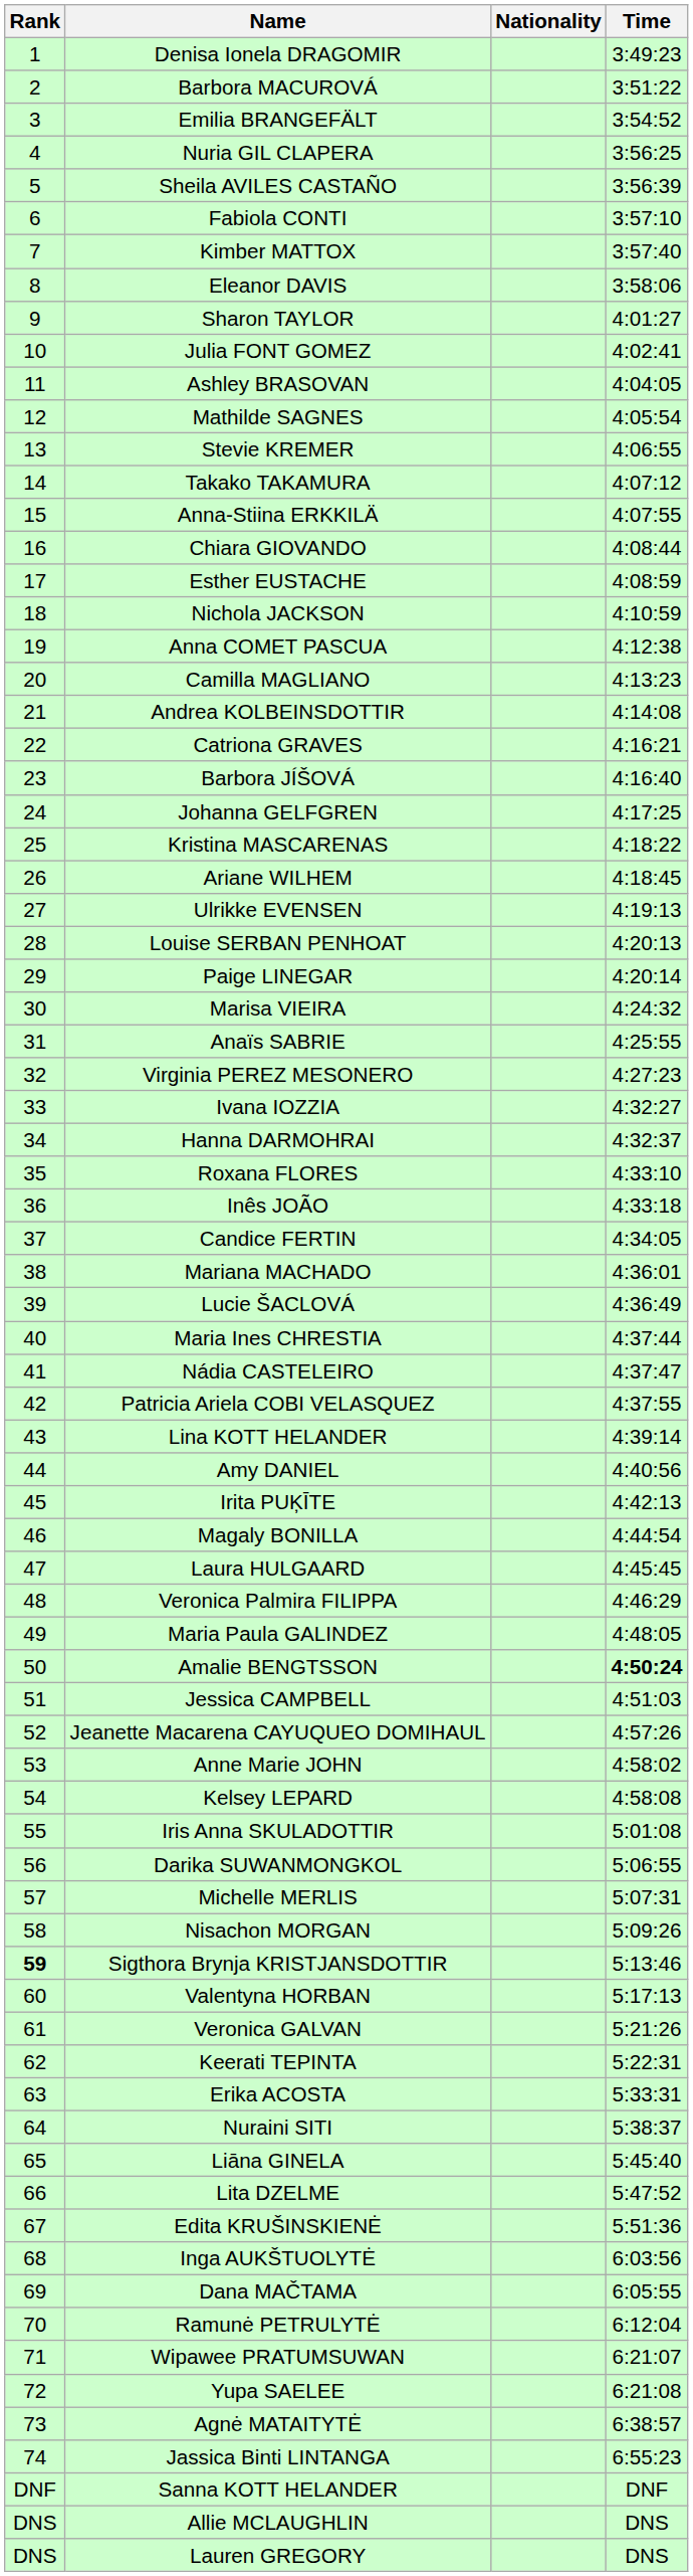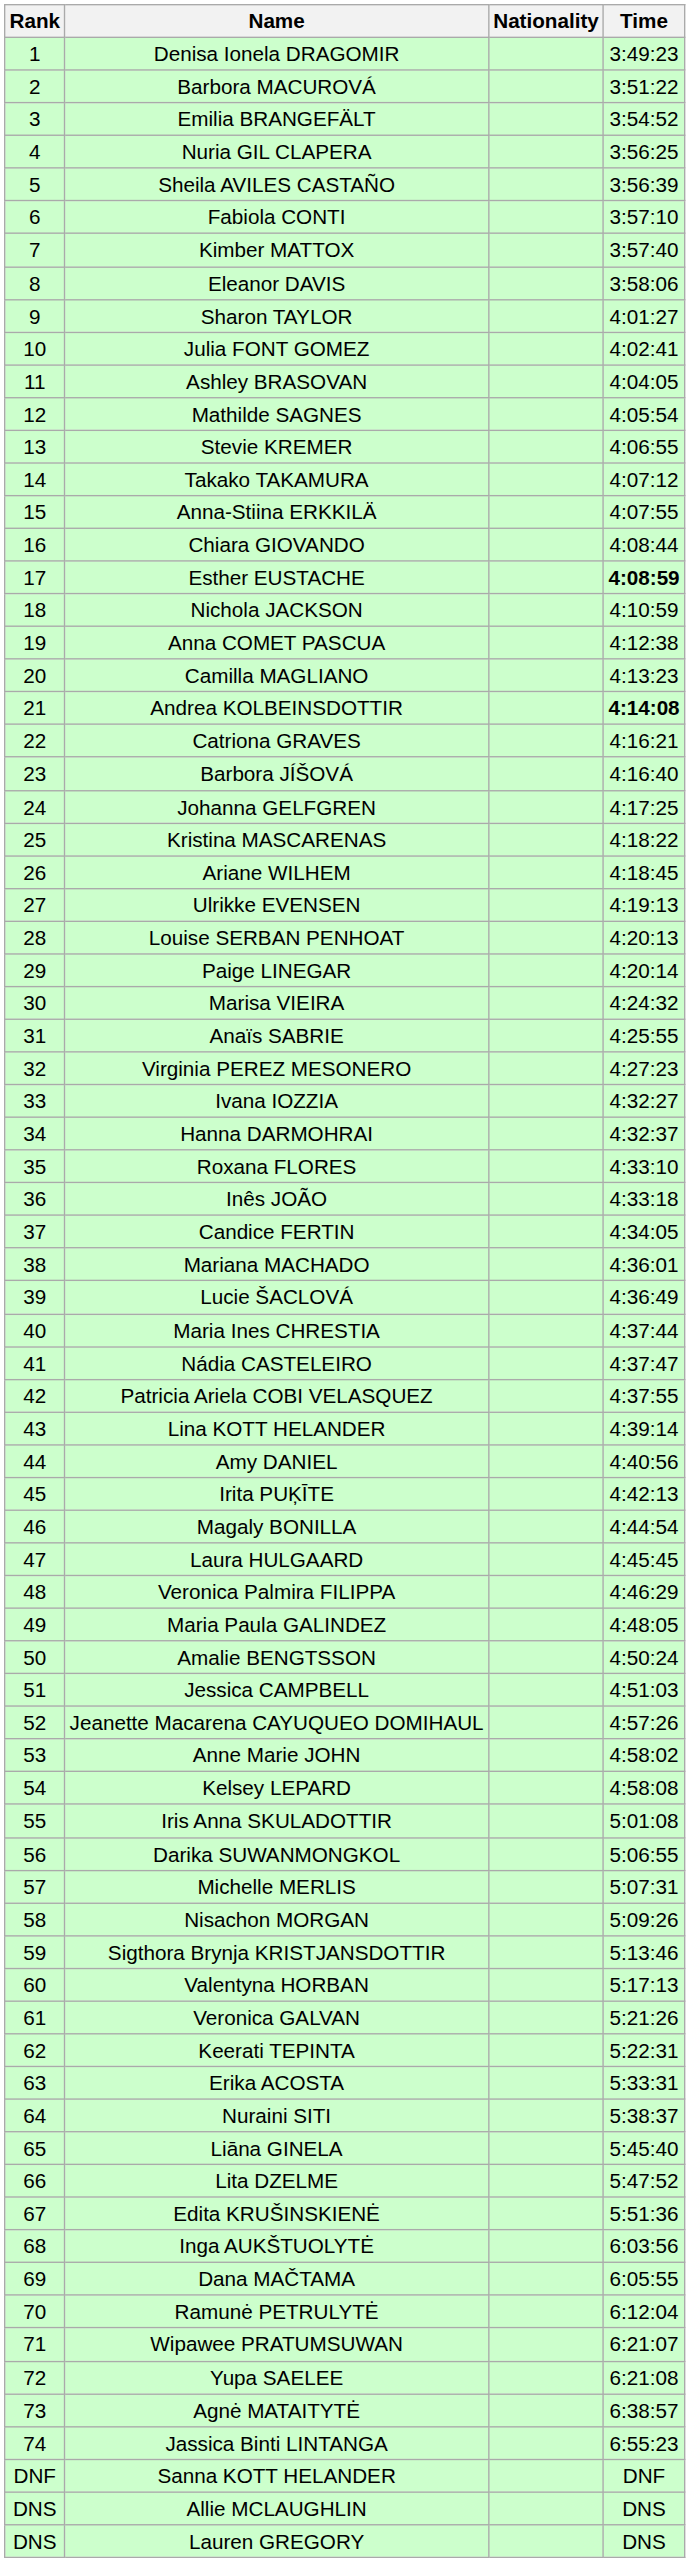 <table class="wikitable sortable" style="text-align:center;font-size:95%">
 <tr>
 <th>Rank</th>
 <th>Name</th>
 <th>Nationality</th>
 <th>Time</th>
 </tr>
 <tr bgcolor=ccffcc>
 <td>1</td>
 <td>Denisa Ionela DRAGOMIR</td>
 <td></td>
 <td>3:49:23</td>
 </tr>
 <tr bgcolor=ccffcc>
 <td>2</td>
 <td>Barbora MACUROVÁ</td>
 <td></td>
 <td>3:51:22</td>
 </tr>
 <tr bgcolor=ccffcc>
 <td>3</td>
 <td>Emilia BRANGEFÄLT</td>
 <td></td>
 <td>3:54:52</td>
 </tr>
 <tr bgcolor=ccffcc>
 <td>4</td>
 <td>Nuria GIL CLAPERA</td>
 <td></td>
 <td>3:56:25</td>
 </tr>
 <tr bgcolor=ccffcc>
 <td>5</td>
 <td>Sheila AVILES CASTAÑO</td>
 <td></td>
 <td>3:56:39</td>
 </tr>
 <tr bgcolor=ccffcc>
 <td>6</td>
 <td>Fabiola CONTI</td>
 <td></td>
 <td>3:57:10</td>
 </tr>
 <tr bgcolor=ccffcc>
 <td>7</td>
 <td>Kimber MATTOX</td>
 <td></td>
 <td>3:57:40</td>
 </tr>
 <tr bgcolor=ccffcc>
 <td>8</td>
 <td>Eleanor DAVIS</td>
 <td></td>
 <td>3:58:06</td>
 </tr>
 <tr bgcolor=ccffcc>
 <td>9</td>
 <td>Sharon TAYLOR</td>
 <td></td>
 <td>4:01:27</td>
 </tr>
 <tr bgcolor=ccffcc>
 <td>10</td>
 <td>Julia FONT GOMEZ</td>
 <td></td>
 <td>4:02:41</td>
 </tr>
 <tr bgcolor=ccffcc>
 <td>11</td>
 <td>Ashley BRASOVAN</td>
 <td></td>
 <td>4:04:05</td>
 </tr>
 <tr bgcolor=ccffcc>
 <td>12</td>
 <td>Mathilde SAGNES</td>
 <td></td>
 <td>4:05:54</td>
 </tr>
 <tr bgcolor=ccffcc>
 <td>13</td>
 <td>Stevie KREMER</td>
 <td></td>
 <td>4:06:55</td>
 </tr>
 <tr bgcolor=ccffcc>
 <td>14</td>
 <td>Takako TAKAMURA</td>
 <td></td>
 <td>4:07:12</td>
 </tr>
 <tr bgcolor=ccffcc>
 <td>15</td>
 <td>Anna-Stiina ERKKILÄ</td>
 <td></td>
 <td>4:07:55</td>
 </tr>
 <tr bgcolor=ccffcc>
 <td>16</td>
 <td>Chiara GIOVANDO</td>
 <td></td>
 <td>4:08:44</td>
 </tr>
 <tr bgcolor=ccffcc>
 <td>17</td>
 <td>Esther EUSTACHE</td>
 <td></td>
-<td>4:08:59</td>
+<td><strong>4:08:59</strong></td>
 </tr>
 <tr bgcolor=ccffcc>
 <td>18</td>
 <td>Nichola JACKSON</td>
 <td></td>
 <td>4:10:59</td>
 </tr>
 <tr bgcolor=ccffcc>
 <td>19</td>
 <td>Anna COMET PASCUA</td>
 <td></td>
 <td>4:12:38</td>
 </tr>
 <tr bgcolor=ccffcc>
 <td>20</td>
 <td>Camilla MAGLIANO</td>
 <td></td>
 <td>4:13:23</td>
 </tr>
 <tr bgcolor=ccffcc>
 <td>21</td>
 <td>Andrea KOLBEINSDOTTIR</td>
 <td></td>
-<td>4:14:08</td>
+<td><strong>4:14:08</strong></td>
 </tr>
 <tr bgcolor=ccffcc>
 <td>22</td>
 <td>Catriona GRAVES</td>
 <td></td>
 <td>4:16:21</td>
 </tr>
 <tr bgcolor=ccffcc>
 <td>23</td>
 <td>Barbora JÍŠOVÁ</td>
 <td></td>
 <td>4:16:40</td>
 </tr>
 <tr bgcolor=ccffcc>
 <td>24</td>
 <td>Johanna GELFGREN</td>
 <td></td>
 <td>4:17:25</td>
 </tr>
 <tr bgcolor=ccffcc>
 <td>25</td>
 <td>Kristina MASCARENAS</td>
 <td></td>
 <td>4:18:22</td>
 </tr>
 <tr bgcolor=ccffcc>
 <td>26</td>
 <td>Ariane WILHEM</td>
 <td></td>
 <td>4:18:45</td>
 </tr>
 <tr bgcolor=ccffcc>
 <td>27</td>
 <td>Ulrikke EVENSEN</td>
 <td></td>
 <td>4:19:13</td>
 </tr>
 <tr bgcolor=ccffcc>
 <td>28</td>
 <td>Louise SERBAN PENHOAT</td>
 <td></td>
 <td>4:20:13</td>
 </tr>
 <tr bgcolor=ccffcc>
 <td>29</td>
 <td>Paige LINEGAR</td>
 <td></td>
 <td>4:20:14</td>
 </tr>
 <tr bgcolor=ccffcc>
 <td>30</td>
 <td>Marisa VIEIRA</td>
 <td></td>
 <td>4:24:32</td>
 </tr>
 <tr bgcolor=ccffcc>
 <td>31</td>
 <td>Anaïs SABRIE</td>
 <td></td>
 <td>4:25:55</td>
 </tr>
 <tr bgcolor=ccffcc>
 <td>32</td>
 <td>Virginia PEREZ MESONERO</td>
 <td></td>
 <td>4:27:23</td>
 </tr>
 <tr bgcolor=ccffcc>
 <td>33</td>
 <td>Ivana IOZZIA</td>
 <td></td>
 <td>4:32:27</td>
 </tr>
 <tr bgcolor=ccffcc>
 <td>34</td>
 <td>Hanna DARMOHRAI</td>
 <td></td>
 <td>4:32:37</td>
 </tr>
 <tr bgcolor=ccffcc>
 <td>35</td>
 <td>Roxana FLORES</td>
 <td></td>
 <td>4:33:10</td>
 </tr>
 <tr bgcolor=ccffcc>
 <td>36</td>
 <td>Inês JOÃO</td>
 <td></td>
 <td>4:33:18</td>
 </tr>
 <tr bgcolor=ccffcc>
 <td>37</td>
 <td>Candice FERTIN</td>
 <td></td>
 <td>4:34:05</td>
 </tr>
 <tr bgcolor=ccffcc>
 <td>38</td>
 <td>Mariana MACHADO</td>
 <td></td>
 <td>4:36:01</td>
 </tr>
 <tr bgcolor=ccffcc>
 <td>39</td>
 <td>Lucie ŠACLOVÁ</td>
 <td></td>
 <td>4:36:49</td>
 </tr>
 <tr bgcolor=ccffcc>
 <td>40</td>
 <td>Maria Ines CHRESTIA</td>
 <td></td>
 <td>4:37:44</td>
 </tr>
 <tr bgcolor=ccffcc>
 <td>41</td>
 <td>Nádia CASTELEIRO</td>
 <td></td>
 <td>4:37:47</td>
 </tr>
 <tr bgcolor=ccffcc>
 <td>42</td>
 <td>Patricia Ariela COBI VELASQUEZ</td>
 <td></td>
 <td>4:37:55</td>
 </tr>
 <tr bgcolor=ccffcc>
 <td>43</td>
 <td>Lina KOTT HELANDER</td>
 <td></td>
 <td>4:39:14</td>
 </tr>
 <tr bgcolor=ccffcc>
 <td>44</td>
 <td>Amy DANIEL</td>
 <td></td>
 <td>4:40:56</td>
 </tr>
 <tr bgcolor=ccffcc>
 <td>45</td>
 <td>Irita PUĶĪTE</td>
 <td></td>
 <td>4:42:13</td>
 </tr>
 <tr bgcolor=ccffcc>
 <td>46</td>
 <td>Magaly BONILLA</td>
 <td></td>
 <td>4:44:54</td>
 </tr>
 <tr bgcolor=ccffcc>
 <td>47</td>
 <td>Laura HULGAARD</td>
 <td></td>
 <td>4:45:45</td>
 </tr>
 <tr bgcolor=ccffcc>
 <td>48</td>
 <td>Veronica Palmira FILIPPA</td>
 <td></td>
 <td>4:46:29</td>
 </tr>
 <tr bgcolor=ccffcc>
 <td>49</td>
 <td>Maria Paula GALINDEZ</td>
 <td></td>
 <td>4:48:05</td>
 </tr>
 <tr bgcolor=ccffcc>
 <td>50</td>
 <td>Amalie BENGTSSON</td>
 <td></td>
-<td><strong>4:50:24</strong></td>
+<td>4:50:24</td>
 </tr>
 <tr bgcolor=ccffcc>
 <td>51</td>
 <td>Jessica CAMPBELL</td>
 <td></td>
 <td>4:51:03</td>
 </tr>
 <tr bgcolor=ccffcc>
 <td>52</td>
 <td>Jeanette Macarena CAYUQUEO DOMIHAUL</td>
 <td></td>
 <td>4:57:26</td>
 </tr>
 <tr bgcolor=ccffcc>
 <td>53</td>
 <td>Anne Marie JOHN</td>
 <td></td>
 <td>4:58:02</td>
 </tr>
 <tr bgcolor=ccffcc>
 <td>54</td>
 <td>Kelsey LEPARD</td>
 <td></td>
 <td>4:58:08</td>
 </tr>
 <tr bgcolor=ccffcc>
 <td>55</td>
 <td>Iris Anna SKULADOTTIR</td>
 <td></td>
 <td>5:01:08</td>
 </tr>
 <tr bgcolor=ccffcc>
 <td>56</td>
 <td>Darika SUWANMONGKOL</td>
 <td></td>
 <td>5:06:55</td>
 </tr>
 <tr bgcolor=ccffcc>
 <td>57</td>
 <td>Michelle MERLIS</td>
 <td></td>
 <td>5:07:31</td>
 </tr>
 <tr bgcolor=ccffcc>
 <td>58</td>
 <td>Nisachon MORGAN</td>
 <td></td>
 <td>5:09:26</td>
 </tr>
 <tr bgcolor=ccffcc>
-<td><strong>59</strong></td>
+<td>59</td>
 <td>Sigthora Brynja KRISTJANSDOTTIR</td>
 <td></td>
 <td>5:13:46</td>
 </tr>
 <tr bgcolor=ccffcc>
 <td>60</td>
 <td>Valentyna HORBAN</td>
 <td></td>
 <td>5:17:13</td>
 </tr>
 <tr bgcolor=ccffcc>
 <td>61</td>
 <td>Veronica GALVAN</td>
 <td></td>
 <td>5:21:26</td>
 </tr>
 <tr bgcolor=ccffcc>
 <td>62</td>
 <td>Keerati TEPINTA</td>
 <td></td>
 <td>5:22:31</td>
 </tr>
 <tr bgcolor=ccffcc>
 <td>63</td>
 <td>Erika ACOSTA</td>
 <td></td>
 <td>5:33:31</td>
 </tr>
 <tr bgcolor=ccffcc>
 <td>64</td>
 <td>Nuraini SITI</td>
 <td></td>
 <td>5:38:37</td>
 </tr>
 <tr bgcolor=ccffcc>
 <td>65</td>
 <td>Liāna GINELA</td>
 <td></td>
 <td>5:45:40</td>
 </tr>
 <tr bgcolor=ccffcc>
 <td>66</td>
 <td>Lita DZELME</td>
 <td></td>
 <td>5:47:52</td>
 </tr>
 <tr bgcolor=ccffcc>
 <td>67</td>
 <td>Edita KRUŠINSKIENĖ</td>
 <td></td>
 <td>5:51:36</td>
 </tr>
 <tr bgcolor=ccffcc>
 <td>68</td>
 <td>Inga AUKŠTUOLYTĖ</td>
 <td></td>
 <td>6:03:56</td>
 </tr>
 <tr bgcolor=ccffcc>
 <td>69</td>
 <td>Dana MAČTAMA</td>
 <td></td>
 <td>6:05:55</td>
 </tr>
 <tr bgcolor=ccffcc>
 <td>70</td>
 <td>Ramunė PETRULYTĖ</td>
 <td></td>
 <td>6:12:04</td>
 </tr>
 <tr bgcolor=ccffcc>
 <td>71</td>
 <td>Wipawee PRATUMSUWAN</td>
 <td></td>
 <td>6:21:07</td>
 </tr>
 <tr bgcolor=ccffcc>
 <td>72</td>
 <td>Yupa SAELEE</td>
 <td></td>
 <td>6:21:08</td>
 </tr>
 <tr bgcolor=ccffcc>
 <td>73</td>
 <td>Agnė MATAITYTĖ</td>
 <td></td>
 <td>6:38:57</td>
 </tr>
 <tr bgcolor=ccffcc>
 <td>74</td>
 <td>Jassica Binti LINTANGA</td>
 <td></td>
 <td>6:55:23</td>
 </tr>
 <tr bgcolor=ccffcc>
 <td>DNF</td>
 <td>Sanna KOTT HELANDER</td>
 <td></td>
 <td>DNF</td>
 </tr>
 <tr bgcolor=ccffcc>
 <td>DNS</td>
 <td>Allie MCLAUGHLIN</td>
 <td></td>
 <td>DNS</td>
 </tr>
 <tr bgcolor=ccffcc>
 <td>DNS</td>
 <td>Lauren GREGORY</td>
 <td></td>
 <td>DNS</td>
 </tr>
 </table>
